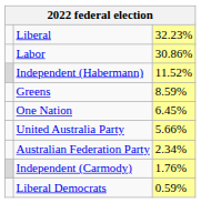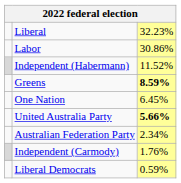 <table class="wikitable" style="float:right; margin-left:1em">
 <tr>
 <th colspan = 3>2022 federal election</th>
 </tr>
 <tr>
 <td> </td>
 <td><a href='#'>Liberal</a></td>
 <td bgcolor="FFFF99">32.23%</td>
 </tr>
 <tr>
 <td> </td>
 <td><a href='#'>Labor</a></td>
 <td bgcolor="FFFF99">30.86%</td>
 </tr>
 <tr>
 <td bgcolor="#D8D8D8"> </td>
 <td><a href='#'>Independent (Habermann)</a></td>
 <td bgcolor="FFFF99">11.52%</td>
 </tr>
 <tr>
 <td> </td>
 <td><a href='#'>Greens</a></td>
-<td bgcolor="FFFF99">8.59%</td>
+<td bgcolor="FFFF99"><strong>8.59%</strong></td>
 </tr>
 <tr>
 <td> </td>
 <td><a href='#'>One Nation</a></td>
 <td bgcolor="FFFF99">6.45%</td>
 </tr>
 <tr>
 <td> </td>
 <td><a href='#'>United Australia Party</a></td>
-<td bgcolor="FFFF99">5.66%</td>
+<td bgcolor="FFFF99"><strong>5.66%</strong></td>
 </tr>
 <tr>
 <td> </td>
 <td><a href='#'>Australian Federation Party</a></td>
 <td bgcolor="FFFF99">2.34%</td>
 </tr>
 <tr>
 <td bgcolor="#D8D8D8"> </td>
 <td><a href='#'>Independent (Carmody)</a></td>
 <td bgcolor="FFFF99">1.76%</td>
 </tr>
 <tr>
 <td> </td>
 <td><a href='#'>Liberal Democrats</a></td>
 <td bgcolor="FFFF99">0.59%</td>
 </tr>
 </table>
